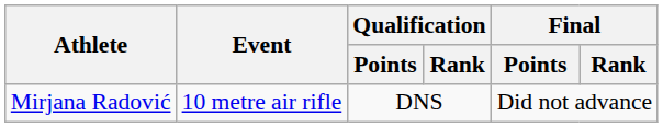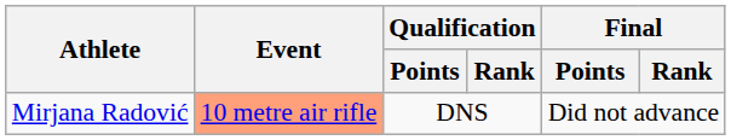 <table class="wikitable" style="font-size:90%;">
 <tr>
 <th rowspan=2>Athlete</th>
 <th rowspan=2>Event</th>
 <th colspan=2>Qualification</th>
 <th colspan=2>Final</th>
 </tr>
 <tr>
 <th>Points</th>
 <th>Rank</th>
 <th>Points</th>
 <th>Rank</th>
 </tr>
 <tr align=center>
 <td align=left><a href='#'>Mirjana Radović</a></td>
-<td align=left><a href='#'>10 metre air rifle</a></td>
+<td align=left style="background: lightsalmon;"><a href='#'>10 metre air rifle</a></td>
 <td colspan=2 align=center>DNS</td>
 <td colspan=2 align=center>Did not advance</td>
 </tr>
 </table>
